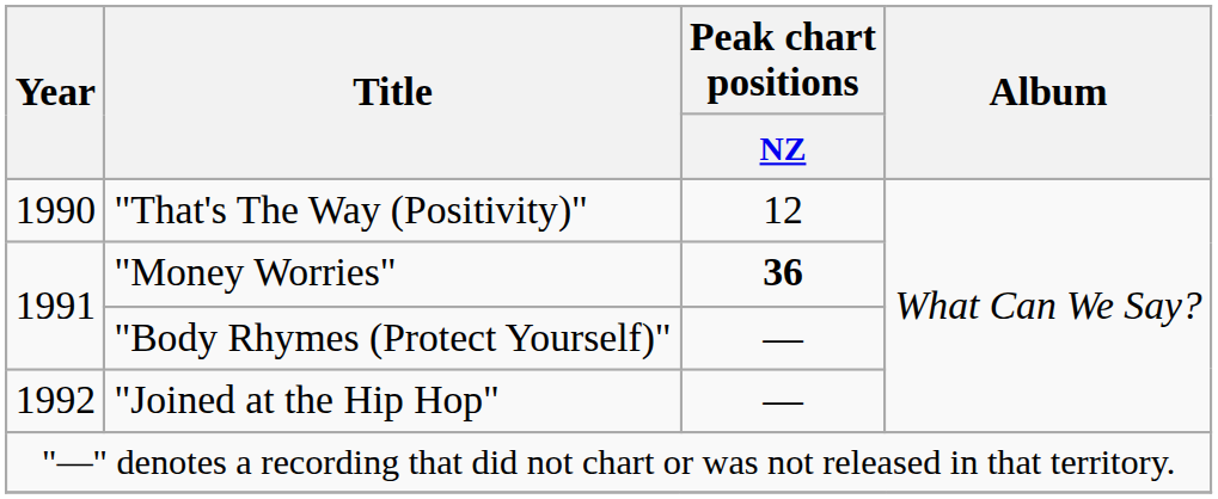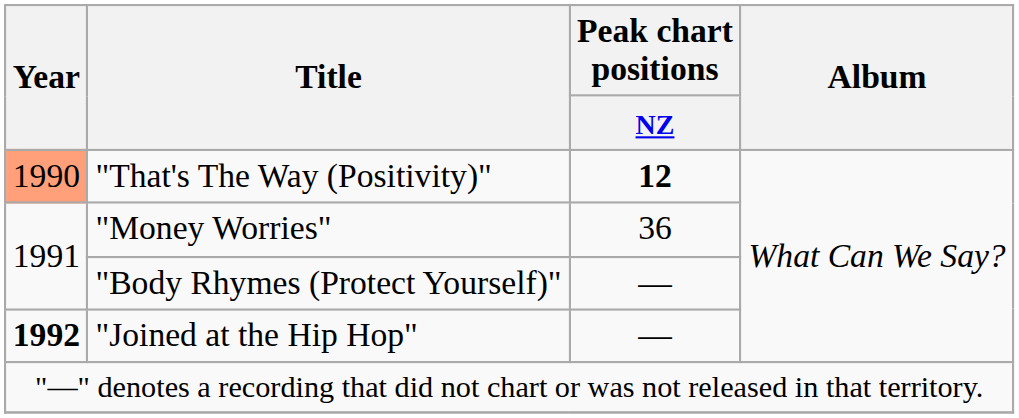 <table class="wikitable plainrowheaders">
 <tr>
 <th rowspan="2"  width="1em">Year</th>
 <th rowspan="2">Title</th>
 <th>Peak chart<br>positions</th>
 <th rowspan="2">Album</th>
 </tr>
 <tr>
 <th><small><a href='#'>NZ</a></small></th>
 </tr>
 <tr>
-<td>1990</td>
+<td style="background: lightsalmon;">1990</td>
 <td>"That's The Way (Positivity)"</td>
-<td align="center">12</td>
+<td align="center"><strong>12</strong></td>
 <td rowspan=4><em>What Can We Say?</em></td>
 </tr>
 <tr>
 <td rowspan=2>1991</td>
 <td>"Money Worries"</td>
-<td align="center"><strong>36</strong></td>
+<td align="center">36</td>
 </tr>
 <tr>
 <td>"Body Rhymes (Protect Yourself)"</td>
 <td align="center">—</td>
 </tr>
 <tr>
-<td>1992</td>
+<td><strong>1992</strong></td>
 <td>"Joined at the Hip Hop"</td>
 <td align="center">—</td>
 </tr>
 <tr>
 <td colspan="4" style="font-size:90%" align="center">"—" denotes a recording that did not chart or was not released in that territory.</td>
 </tr>
 <tr>
 </tr>
 </table>
